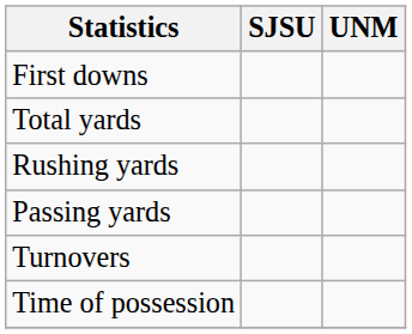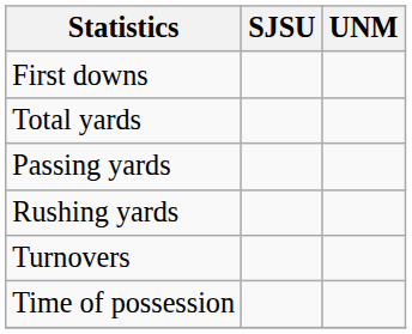 <table class="wikitable" style="float: left;">
 <tr>
 <th>Statistics</th>
 <th>SJSU</th>
 <th>UNM</th>
 </tr>
 <tr>
 <td>First downs</td>
 <td></td>
 <td></td>
 </tr>
 <tr>
 <td>Total yards</td>
 <td></td>
 <td></td>
 </tr>
 <tr>
-<td>Rushing yards</td>
+<td>Passing yards</td>
 <td></td>
 <td></td>
 </tr>
 <tr>
-<td>Passing yards</td>
+<td>Rushing yards</td>
 <td></td>
 <td></td>
 </tr>
 <tr>
 <td>Turnovers</td>
 <td></td>
 <td></td>
 </tr>
 <tr>
 <td>Time of possession</td>
 <td></td>
 <td></td>
 </tr>
 <tr>
 </tr>
 </table>
